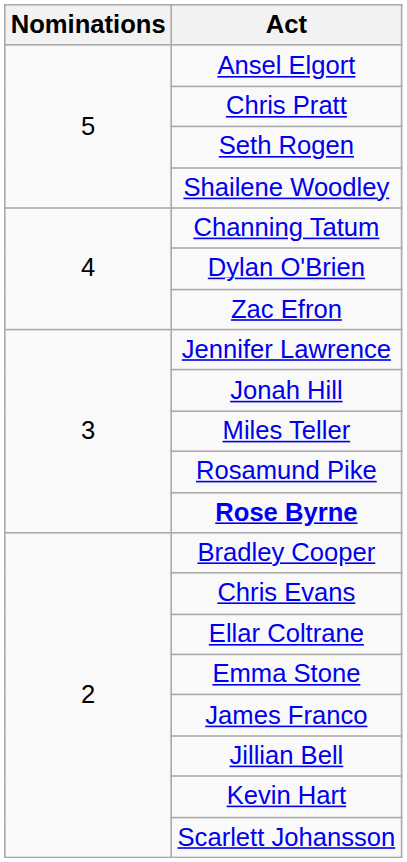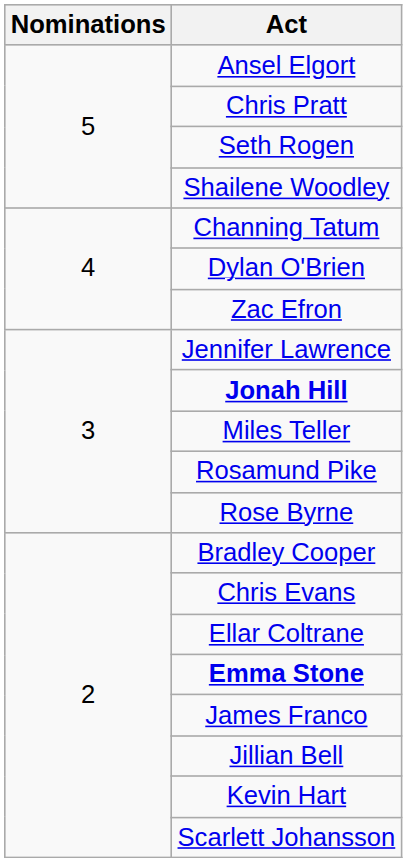 <table class="wikitable" style="text-align:center;">
 <tr>
 <th scope="col" width="55">Nominations</th>
 <th scope="col" align="center">Act</th>
 </tr>
 <tr>
 <td rowspan="4" style="text-align:center">5</td>
 <td><a href='#'>Ansel Elgort</a></td>
 </tr>
 <tr>
 <td><a href='#'>Chris Pratt</a></td>
 </tr>
 <tr>
 <td><a href='#'>Seth Rogen</a></td>
 </tr>
 <tr>
 <td><a href='#'>Shailene Woodley</a></td>
 </tr>
 <tr>
 <td rowspan="3" style="text-align:center">4</td>
 <td><a href='#'>Channing Tatum</a></td>
 </tr>
 <tr>
 <td><a href='#'>Dylan O'Brien</a></td>
 </tr>
 <tr>
 <td><a href='#'>Zac Efron</a></td>
 </tr>
 <tr>
 <td rowspan="5" style="text-align:center">3</td>
 <td><a href='#'>Jennifer Lawrence</a></td>
 </tr>
 <tr>
-<td><a href='#'>Jonah Hill</a></td>
+<td><strong><a href='#'>Jonah Hill</a></strong></td>
 </tr>
 <tr>
 <td><a href='#'>Miles Teller</a></td>
 </tr>
 <tr>
 <td><a href='#'>Rosamund Pike</a></td>
 </tr>
 <tr>
-<td><strong><a href='#'>Rose Byrne</a></strong></td>
+<td><a href='#'>Rose Byrne</a></td>
 </tr>
 <tr>
 <td rowspan="8" style="text-align:center">2</td>
 <td><a href='#'>Bradley Cooper</a></td>
 </tr>
 <tr>
 <td><a href='#'>Chris Evans</a></td>
 </tr>
 <tr>
 <td><a href='#'>Ellar Coltrane</a></td>
 </tr>
 <tr>
-<td><a href='#'>Emma Stone</a></td>
+<td><strong><a href='#'>Emma Stone</a></strong></td>
 </tr>
 <tr>
 <td><a href='#'>James Franco</a></td>
 </tr>
 <tr>
 <td><a href='#'>Jillian Bell</a></td>
 </tr>
 <tr>
 <td><a href='#'>Kevin Hart</a></td>
 </tr>
 <tr>
 <td><a href='#'>Scarlett Johansson</a></td>
 </tr>
 <tr>
 </tr>
 </table>
